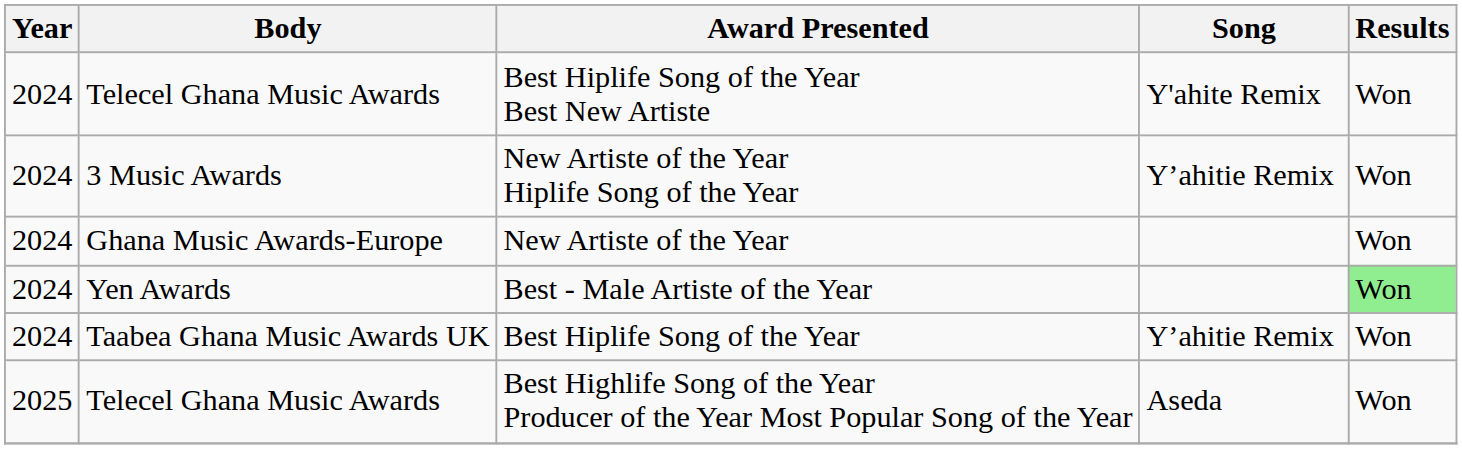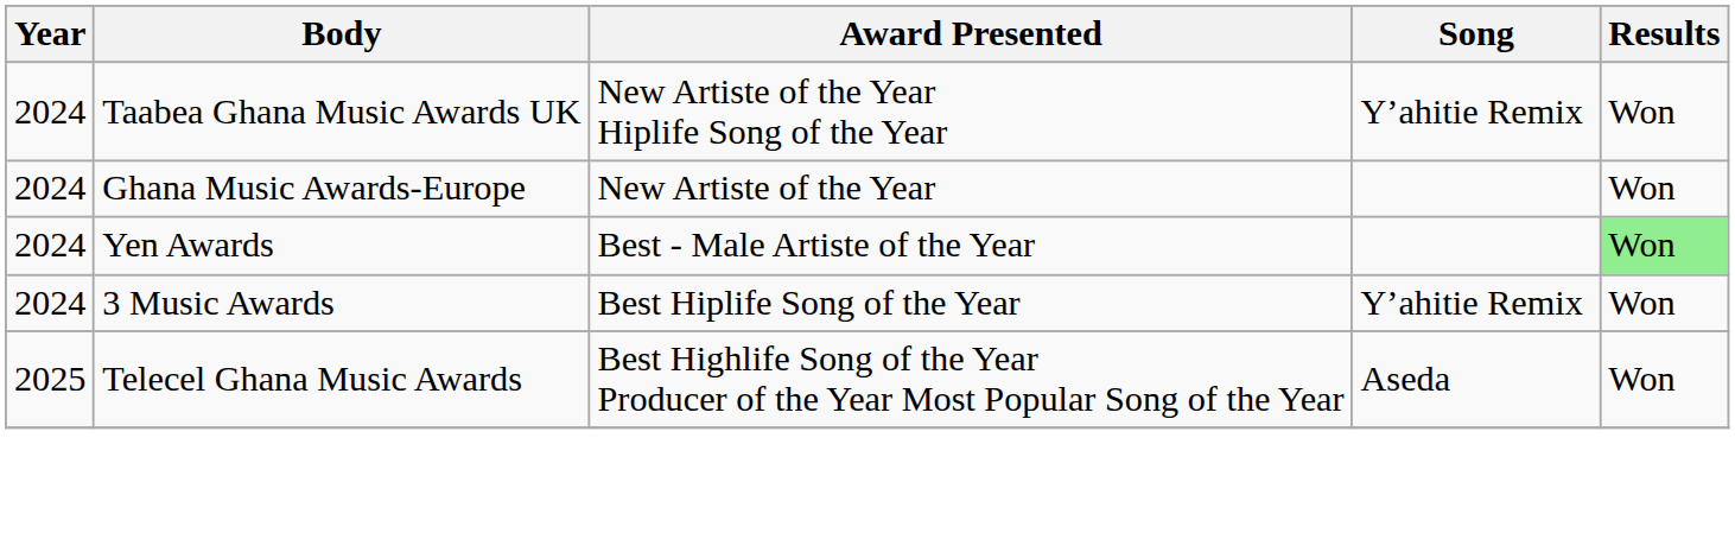 <table class="wikitable">
 <tr>
 <th>Year</th>
 <th>Body</th>
 <th>Award Presented</th>
 <th>Song</th>
 <th>Results</th>
 </tr>
 <tr>
 <td>2024</td>
-<td>Telecel Ghana Music Awards</td>
-<td>Best Hiplife Song of the Year<br>Best New Artiste</td>
-<td>Y'ahite Remix</td>
-<td>Won</td>
-</tr>
-<tr>
-<td>2024</td>
-<td>3 Music Awards</td>
+<td>Taabea Ghana Music Awards UK</td>
 <td>New Artiste of the Year<br>Hiplife Song of the Year</td>
 <td>Y’ahitie Remix </td>
 <td>Won</td>
 </tr>
 <tr>
 <td>2024</td>
 <td>Ghana Music Awards-Europe</td>
 <td>New Artiste of the Year</td>
 <td></td>
 <td>Won</td>
 </tr>
 <tr>
 <td>2024</td>
 <td>Yen Awards</td>
 <td>Best - Male Artiste of the Year</td>
 <td></td>
 <td style="background: lightgreen;">Won</td>
 </tr>
 <tr>
 <td>2024</td>
-<td>Taabea Ghana Music Awards UK</td>
+<td>3 Music Awards</td>
 <td>Best Hiplife Song of the Year</td>
 <td>Y’ahitie Remix </td>
 <td>Won</td>
 </tr>
 <tr>
 <td>2025</td>
 <td>Telecel Ghana Music Awards</td>
 <td>Best Highlife Song of the Year<br>Producer of the Year Most Popular Song of the Year</td>
 <td>Aseda</td>
 <td>Won</td>
 </tr>
 <tr>
 </tr>
 </table>
